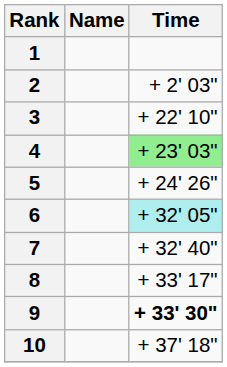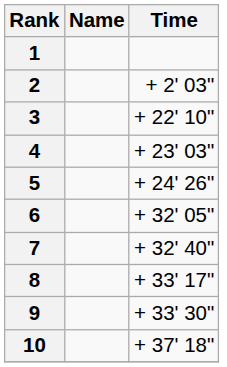 <table class="wikitable">
 <tr>
 <th>Rank</th>
 <th>Name</th>
 <th>Time</th>
 </tr>
 <tr>
 <th style="text-align:center">1</th>
 <td></td>
 <td align="right"></td>
 </tr>
 <tr>
 <th style="text-align:center">2</th>
 <td></td>
 <td align="right">+ 2' 03"</td>
 </tr>
 <tr>
 <th style="text-align:center">3</th>
 <td></td>
 <td align="right">+ 22' 10"</td>
 </tr>
 <tr>
 <th style="text-align:center">4</th>
 <td></td>
-<td align="right" style="background: lightgreen;">+ 23' 03"</td>
+<td align="right">+ 23' 03"</td>
 </tr>
 <tr>
 <th style="text-align:center">5</th>
 <td></td>
 <td align="right">+ 24' 26"</td>
 </tr>
 <tr>
 <th style="text-align:center">6</th>
 <td></td>
-<td align="right" style="background: paleturquoise;">+ 32' 05"</td>
+<td align="right">+ 32' 05"</td>
 </tr>
 <tr>
 <th style="text-align:center">7</th>
 <td></td>
 <td align="right">+ 32' 40"</td>
 </tr>
 <tr>
 <th style="text-align:center">8</th>
 <td></td>
 <td align="right">+ 33' 17"</td>
 </tr>
 <tr>
 <th style="text-align:center">9</th>
 <td></td>
-<td align="right"><strong>+ 33' 30"</strong></td>
+<td align="right">+ 33' 30"</td>
 </tr>
 <tr>
 <th style="text-align:center">10</th>
 <td></td>
 <td align="right">+ 37' 18"</td>
 </tr>
 <tr>
 </tr>
 </table>
